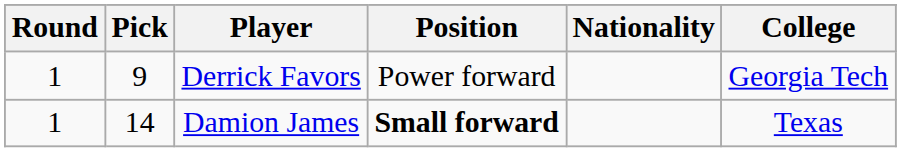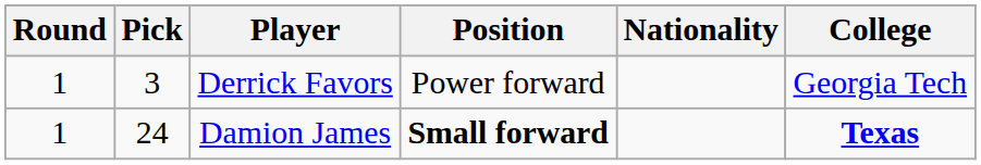 <table class="wikitable sortable sortable">
 <tr>
 <th>Round</th>
 <th>Pick</th>
 <th>Player</th>
 <th>Position</th>
 <th>Nationality</th>
 <th>College</th>
 </tr>
 <tr style="text-align: center">
 <td>1</td>
-<td>9</td>
+<td>3</td>
 <td><a href='#'>Derrick Favors</a></td>
 <td>Power forward</td>
 <td></td>
 <td><a href='#'>Georgia Tech</a></td>
 </tr>
 <tr style="text-align: center">
 <td>1</td>
-<td>14</td>
+<td>24</td>
 <td><a href='#'>Damion James</a></td>
 <td><strong>Small forward</strong></td>
 <td></td>
-<td><a href='#'>Texas</a></td>
+<td><strong><a href='#'>Texas</a></strong></td>
 </tr>
 </table>
